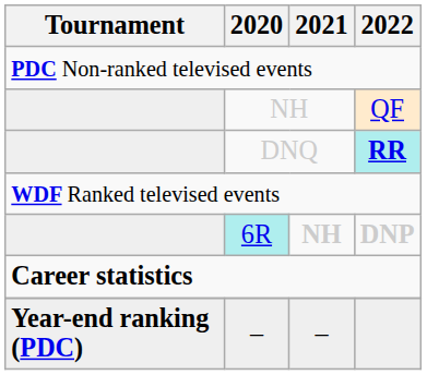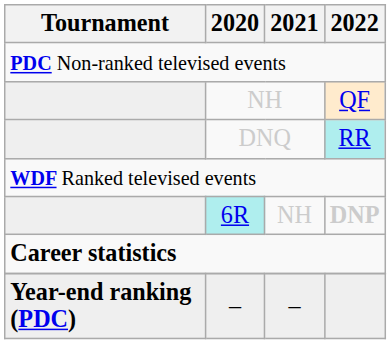 <table class="wikitable" style="width:20%; margin:0">
 <tr>
 <th>Tournament</th>
 <th>2020</th>
 <th>2021</th>
 <th>2022</th>
 </tr>
 <tr>
 <td colspan="4" style="text-align:left"><small><strong><a href='#'>PDC</a> </strong>Non-ranked televised events</small></td>
 </tr>
 <tr>
 <td style="background:#efefef;"></td>
 <td colspan="2" style="text-align:center; color:#ccc;">NH</td>
 <td style="text-align:center; background:#ffebcd;"><a href='#'>QF</a></td>
 </tr>
 <tr>
 <td style="background:#efefef;"></td>
 <td colspan="2" style="text-align:center; color:#ccc;">DNQ</td>
-<td style="text-align:center; background:#afeeee;"><strong><a href='#'>RR</a></strong></td>
+<td style="text-align:center; background:#afeeee;"><a href='#'>RR</a></td>
 </tr>
 <tr>
 <td colspan="4" style="text-align:left"><small><strong><a href='#'>WDF</a> </strong>Ranked televised events</small></td>
 </tr>
 <tr>
 <td style="background:#efefef;"></td>
 <td style="text-align:center; background:#afeeee;"><a href='#'>6R</a></td>
-<td style="text-align:center; color:#ccc;"><strong>NH</strong></td>
+<td style="text-align:center; color:#ccc;">NH</td>
 <td style="text-align:center; color:#ccc;"><strong>DNP</strong></td>
 </tr>
 <tr>
 <td colspan="4" style="text-align:left"><strong>Career statistics</strong></td>
 </tr>
 <tr>
 </tr>
 <tr style="background:#efefef">
 <td style="text-align:left"><strong>Year-end ranking (<a href='#'>PDC</a>)</strong></td>
 <td style="text-align:center;">–</td>
 <td style="text-align:center;">–</td>
 <td style="text-align:center;"></td>
 </tr>
 </table>
